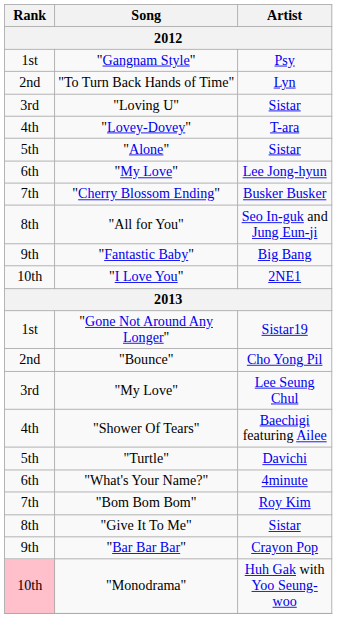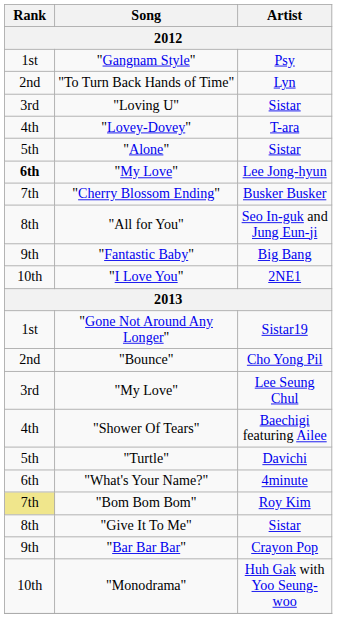 <table class="wikitable" style="text-align: center;">
 <tr>
 <th width="50">Rank</th>
 <th width="200">Song</th>
 <th width="100">Artist</th>
 </tr>
 <tr>
 <th colspan='4'>2012</th>
 </tr>
 <tr>
 <td>1st</td>
 <td>"<a href='#'>Gangnam Style</a>"</td>
 <td><a href='#'>Psy</a></td>
 </tr>
 <tr>
 <td>2nd</td>
 <td>"To Turn Back Hands of Time"</td>
 <td><a href='#'>Lyn</a></td>
 </tr>
 <tr>
 <td>3rd</td>
 <td>"Loving U"</td>
 <td><a href='#'>Sistar</a></td>
 </tr>
 <tr>
 <td>4th</td>
 <td>"<a href='#'>Lovey-Dovey</a>"</td>
 <td><a href='#'>T-ara</a></td>
 </tr>
 <tr>
 <td>5th</td>
 <td>"<a href='#'>Alone</a>"</td>
 <td><a href='#'>Sistar</a></td>
 </tr>
 <tr>
-<td>6th</td>
+<td><strong>6th</strong></td>
 <td>"<a href='#'>My Love</a>"</td>
 <td><a href='#'>Lee Jong-hyun</a></td>
 </tr>
 <tr>
 <td>7th</td>
 <td>"<a href='#'>Cherry Blossom Ending</a>"</td>
 <td><a href='#'>Busker Busker</a></td>
 </tr>
 <tr>
 <td>8th</td>
 <td>"All for You"</td>
 <td><a href='#'>Seo In-guk</a> and<br><a href='#'>Jung Eun-ji</a></td>
 </tr>
 <tr>
 <td>9th</td>
 <td>"<a href='#'>Fantastic Baby</a>"</td>
 <td><a href='#'>Big Bang</a></td>
 </tr>
 <tr>
 <td>10th</td>
 <td>"<a href='#'>I Love You</a>"</td>
 <td><a href='#'>2NE1</a></td>
 </tr>
 <tr>
 <th colspan='4'>2013</th>
 </tr>
 <tr>
 <td>1st</td>
 <td>"<a href='#'>Gone Not Around Any Longer</a>"</td>
 <td><a href='#'>Sistar19</a></td>
 </tr>
 <tr>
 <td>2nd</td>
 <td>"Bounce"</td>
 <td><a href='#'>Cho Yong Pil</a></td>
 </tr>
 <tr>
 <td>3rd</td>
 <td>"My Love"</td>
 <td><a href='#'>Lee Seung Chul</a></td>
 </tr>
 <tr>
 <td>4th</td>
 <td>"Shower Of Tears"</td>
 <td><a href='#'>Baechigi</a> featuring <a href='#'>Ailee</a></td>
 </tr>
 <tr>
 <td>5th</td>
 <td>"Turtle"</td>
 <td><a href='#'>Davichi</a></td>
 </tr>
 <tr>
 <td>6th</td>
 <td>"What's Your Name?"</td>
 <td><a href='#'>4minute</a></td>
 </tr>
 <tr>
-<td>7th</td>
+<td style="background: khaki;">7th</td>
 <td>"Bom Bom Bom"</td>
 <td><a href='#'>Roy Kim</a></td>
 </tr>
 <tr>
 <td>8th</td>
 <td>"Give It To Me"</td>
 <td><a href='#'>Sistar</a></td>
 </tr>
 <tr>
 <td>9th</td>
 <td>"<a href='#'>Bar Bar Bar</a>"</td>
 <td><a href='#'>Crayon Pop</a></td>
 </tr>
 <tr>
-<td style="background: pink;">10th</td>
+<td>10th</td>
 <td>"Monodrama"</td>
 <td><a href='#'>Huh Gak</a> with <a href='#'>Yoo Seung-woo</a></td>
 </tr>
 <tr>
 </tr>
 </table>
